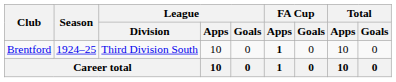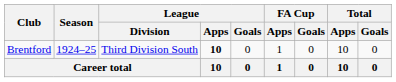 <table class="wikitable" style="text-align: center;">
 <tr>
 <th rowspan="2">Club</th>
 <th rowspan="2">Season</th>
 <th colspan="3">League</th>
 <th colspan="2">FA Cup</th>
 <th colspan="2">Total</th>
 </tr>
 <tr>
 <th>Division</th>
 <th>Apps</th>
 <th>Goals</th>
 <th>Apps</th>
 <th>Goals</th>
 <th>Apps</th>
 <th>Goals</th>
 </tr>
 <tr>
 <td><a href='#'>Brentford</a></td>
 <td><a href='#'>1924–25</a></td>
 <td><a href='#'>Third Division South</a></td>
-<td>10</td>
+<td><strong>10</strong></td>
 <td>0</td>
-<td><strong>1</strong></td>
+<td>1</td>
 <td>0</td>
 <td>10</td>
 <td>0</td>
 </tr>
 <tr>
 <th colspan="3">Career total</th>
 <th>10</th>
 <th>0</th>
 <th>1</th>
 <th>0</th>
 <th>10</th>
 <th>0</th>
 </tr>
 </table>
